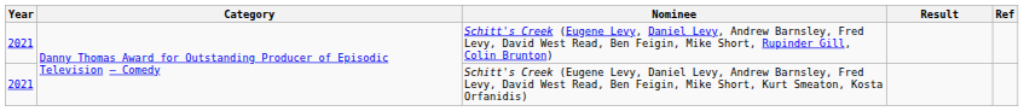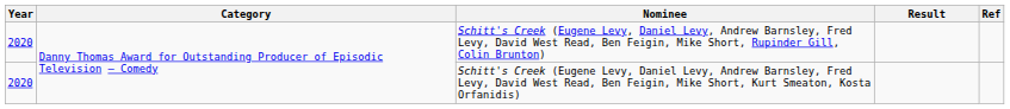 <table class="wikitable">
 <tr>
 <th width="3%">Year</th>
 <th width="40%">Category</th>
 <th width="40%">Nominee</th>
 <th width="10%">Result</th>
 <th width="2%">Ref</th>
 </tr>
 <tr>
-<td><a href='#'>2021</a></td>
+<td><a href='#'>2020</a></td>
 <td rowspan="2"><a href='#'>Danny Thomas Award for Outstanding Producer of Episodic Television</a> <a href='#'>– Comedy</a></td>
 <td><em><a href='#'>Schitt's Creek</a></em> (<a href='#'>Eugene Levy</a>, <a href='#'>Daniel Levy</a>, Andrew Barnsley, Fred Levy, David West Read, Ben Feigin, Mike Short, <a href='#'>Rupinder Gill</a>, <a href='#'>Colin Brunton</a>)</td>
 <td></td>
 <td></td>
 </tr>
 <tr>
-<td><a href='#'>2021</a></td>
+<td><a href='#'>2020</a></td>
 <td><em>Schitt's Creek</em> (Eugene Levy, Daniel Levy, Andrew Barnsley, Fred Levy, David West Read, Ben Feigin, Mike Short, Kurt Smeaton, Kosta Orfanidis)</td>
 <td></td>
 <td></td>
 </tr>
 </table>
